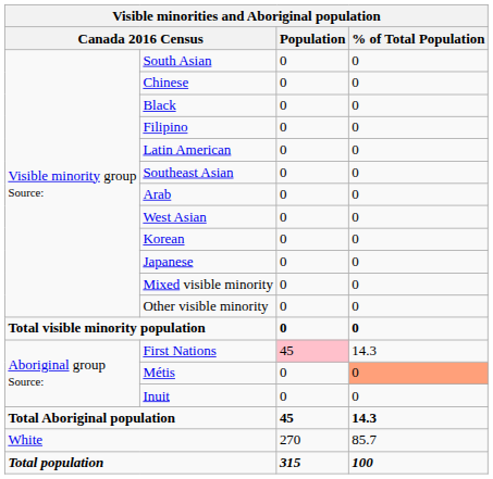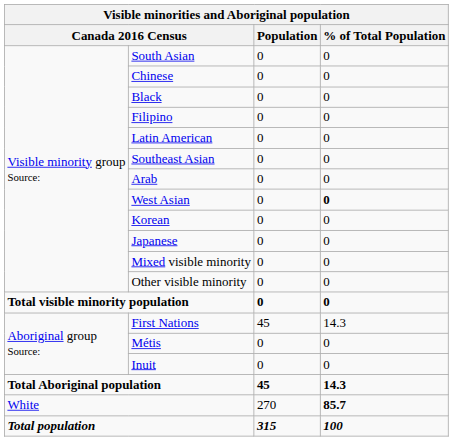 <table class="wikitable">
 <tr>
 <th colspan=4>Visible minorities and Aboriginal population</th>
 </tr>
 <tr>
 <th colspan="2">Canada 2016 Census</th>
 <th>Population</th>
 <th>% of Total Population</th>
 </tr>
 <tr>
 <td rowspan="12"><a href='#'>Visible minority</a> group<br><small>Source:</small></td>
 <td><a href='#'>South Asian</a></td>
 <td>0</td>
 <td>0</td>
 </tr>
 <tr>
 <td><a href='#'>Chinese</a></td>
 <td>0</td>
 <td>0</td>
 </tr>
 <tr>
 <td><a href='#'>Black</a></td>
 <td>0</td>
 <td>0</td>
 </tr>
 <tr>
 <td><a href='#'>Filipino</a></td>
 <td>0</td>
 <td>0</td>
 </tr>
 <tr>
 <td><a href='#'>Latin American</a></td>
 <td>0</td>
 <td>0</td>
 </tr>
 <tr>
 <td><a href='#'>Southeast Asian</a></td>
 <td>0</td>
 <td>0</td>
 </tr>
 <tr>
 <td><a href='#'>Arab</a></td>
 <td>0</td>
 <td>0</td>
 </tr>
 <tr>
 <td><a href='#'>West Asian</a></td>
 <td>0</td>
-<td>0</td>
+<td><strong>0</strong></td>
 </tr>
 <tr>
 <td><a href='#'>Korean</a></td>
 <td>0</td>
 <td>0</td>
 </tr>
 <tr>
 <td><a href='#'>Japanese</a></td>
 <td>0</td>
 <td>0</td>
 </tr>
 <tr>
 <td><a href='#'>Mixed</a> visible minority</td>
 <td>0</td>
 <td>0</td>
 </tr>
 <tr>
 <td>Other visible minority</td>
 <td>0</td>
 <td>0</td>
 </tr>
 <tr>
 <td colspan="2"><strong>Total visible minority population</strong></td>
 <td><strong>0</strong></td>
 <td><strong>0</strong></td>
 </tr>
 <tr>
 <td rowspan="3"><a href='#'>Aboriginal</a> group<br><small>Source:</small></td>
 <td><a href='#'>First Nations</a></td>
-<td style="background: pink;">45</td>
+<td>45</td>
 <td>14.3</td>
 </tr>
 <tr>
 <td><a href='#'>Métis</a></td>
 <td>0</td>
-<td style="background: lightsalmon;">0</td>
+<td>0</td>
 </tr>
 <tr>
 <td><a href='#'>Inuit</a></td>
 <td>0</td>
 <td>0</td>
 </tr>
 <tr>
 <td colspan="2"><strong>Total Aboriginal population</strong></td>
 <td><strong>45</strong></td>
 <td><strong>14.3</strong></td>
 </tr>
 <tr>
 <td colspan="2"><a href='#'>White</a></td>
 <td>270</td>
-<td>85.7</td>
+<td><strong>85.7</strong></td>
 </tr>
 <tr>
 <td colspan="2"><strong><em>Total population</em></strong></td>
 <td><strong><em>315</em></strong></td>
 <td><strong><em>100</em></strong></td>
 </tr>
 </table>
